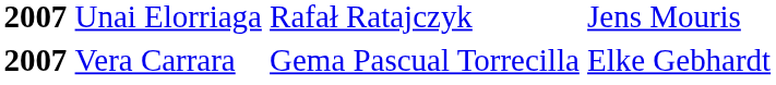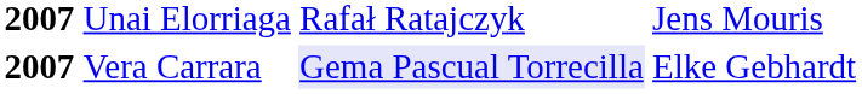 <table>
 <tr>
 <th>2007</th>
 <td> <a href='#'>Unai Elorriaga</a></td>
 <td> <a href='#'>Rafał Ratajczyk</a></td>
 <td> <a href='#'>Jens Mouris</a></td>
 </tr>
 <tr>
 <th>2007</th>
 <td> <a href='#'>Vera Carrara</a></td>
-<td> <a href='#'>Gema Pascual Torrecilla</a></td>
+<td style="background: lavender;"> <a href='#'>Gema Pascual Torrecilla</a></td>
 <td> <a href='#'>Elke Gebhardt</a></td>
 </tr>
 </table>
